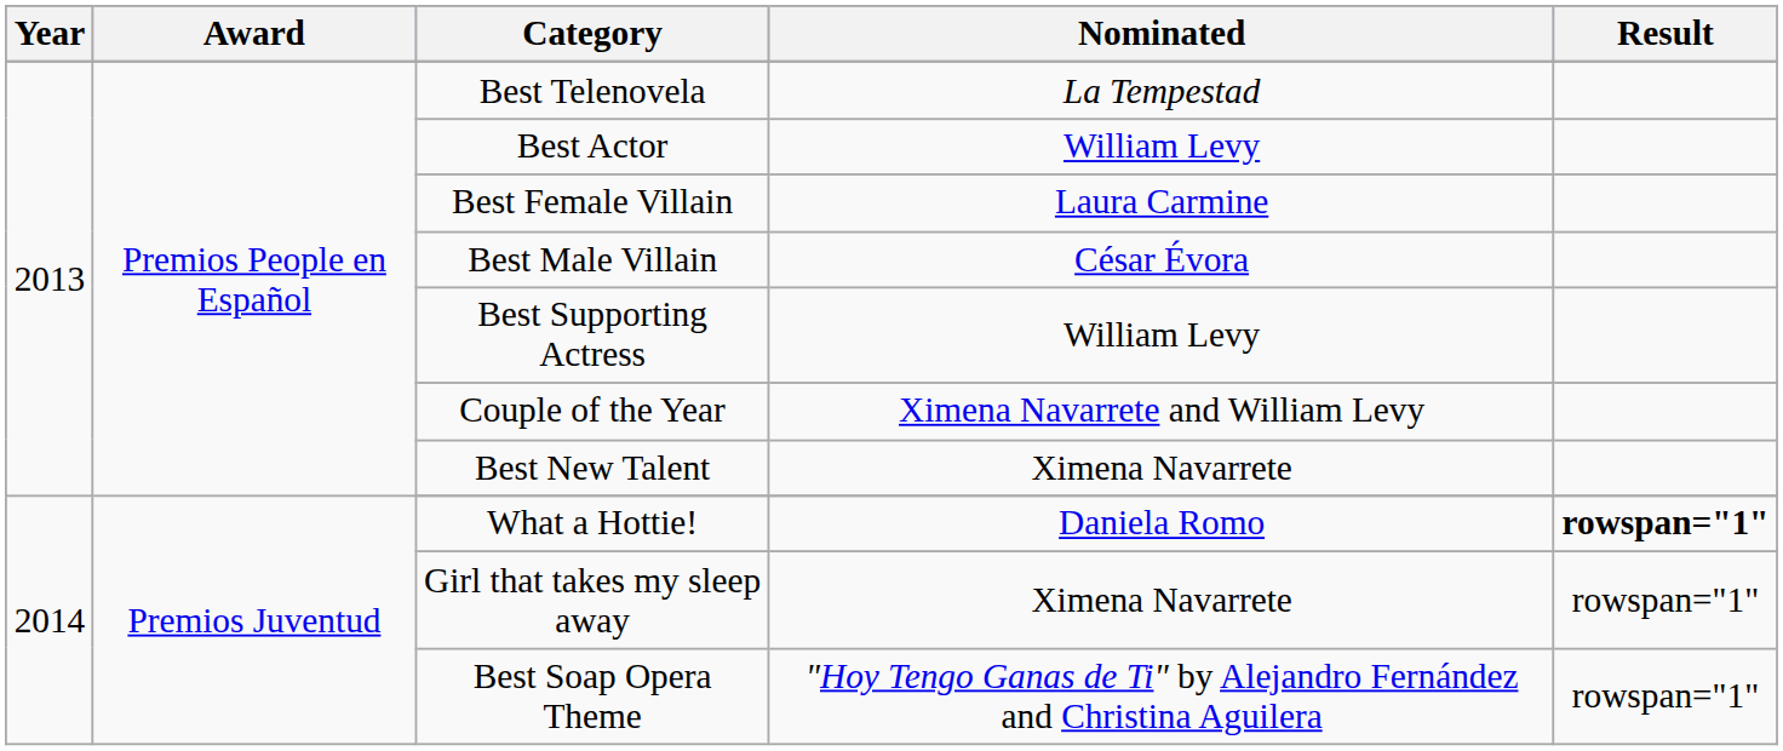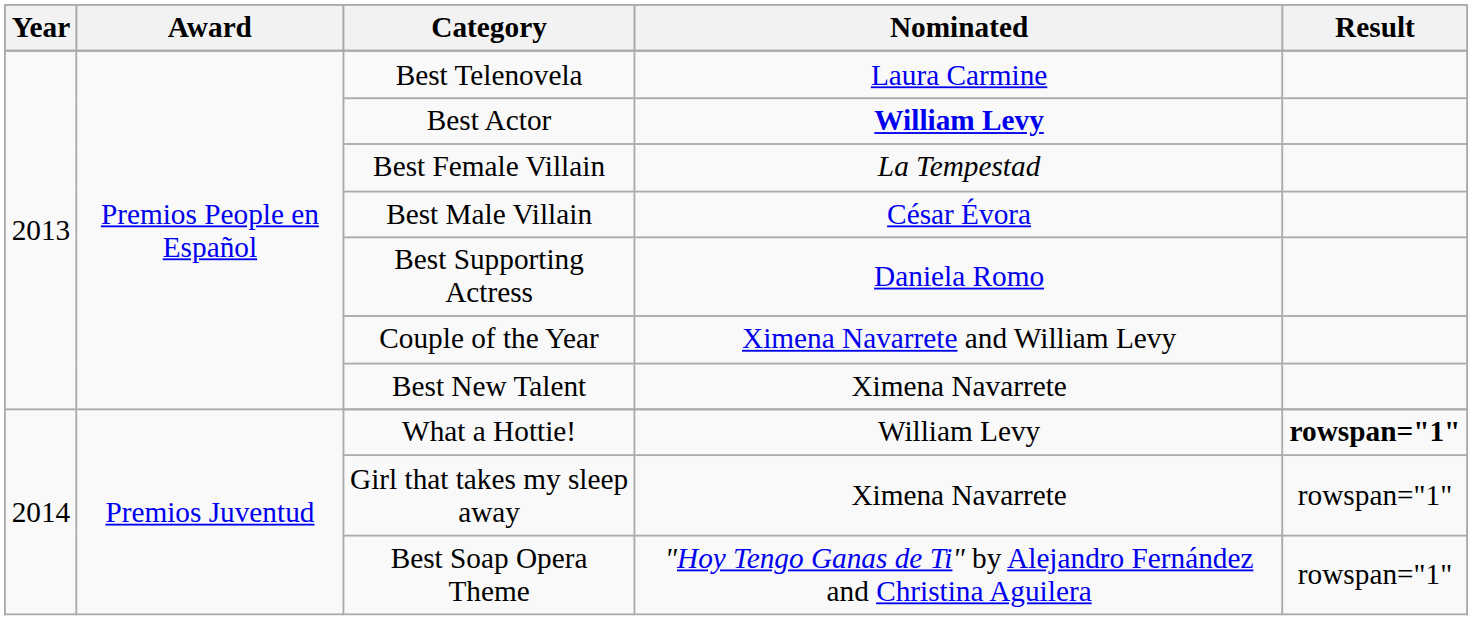 <table class="wikitable" width=800px>
 <tr style="background:#96c; text-align:center;">
 <th>Year</th>
 <th>Award</th>
 <th>Category</th>
 <th>Nominated</th>
 <th>Result</th>
 </tr>
 <tr>
 </tr>
 <tr style="text-align: center;">
 <td style="text-align: center; top" rowspan="08">2013</td>
 <td style="text-align: center; top" rowspan="08"><a href='#'>Premios People en Español</a></td>
 </tr>
 <tr style="text-align: center; top">
 <td>Best Telenovela</td>
-<td><em>La Tempestad</em></td>
+<td><a href='#'>Laura Carmine</a></td>
 <td></td>
 </tr>
 <tr style="text-align: center; top">
 <td>Best Actor</td>
-<td><a href='#'>William Levy</a></td>
+<td><strong><a href='#'>William Levy</a></strong></td>
 <td></td>
 </tr>
 <tr style="text-align: center; top">
 <td>Best Female Villain</td>
-<td><a href='#'>Laura Carmine</a></td>
+<td><em>La Tempestad</em></td>
 <td></td>
 </tr>
 <tr style="text-align: center; top">
 <td>Best Male Villain</td>
 <td><a href='#'>César Évora</a></td>
 <td></td>
 </tr>
 <tr style="text-align: center; top">
 <td>Best Supporting Actress</td>
-<td rowspan="1">William Levy</td>
+<td><a href='#'>Daniela Romo</a></td>
 <td></td>
 </tr>
 <tr style="text-align: center; top">
 <td>Couple of the Year</td>
 <td><a href='#'>Ximena Navarrete</a> and William Levy</td>
 <td></td>
 </tr>
 <tr style="text-align: center; top">
 <td>Best New Talent</td>
 <td>Ximena Navarrete</td>
 <td></td>
 </tr>
 <tr style="text-align: center;">
 <td style="text-align: center; top" rowspan="16">2014</td>
 <td style="text-align: center; top" rowspan="16"><a href='#'>Premios Juventud</a></td>
 </tr>
 <tr style="text-align: center; top">
 <td>What a Hottie!</td>
-<td><a href='#'>Daniela Romo</a></td>
+<td rowspan="1">William Levy</td>
 <td><strong>rowspan="1"  </strong></td>
 </tr>
 <tr style="text-align: center; top">
 <td>Girl that takes my sleep away</td>
 <td>Ximena Navarrete</td>
 <td>rowspan="1" </td>
 </tr>
 <tr style="text-align: center; top">
 <td>Best Soap Opera Theme</td>
 <td><em>"<a href='#'>Hoy Tengo Ganas de Ti</a>"</em> by <a href='#'>Alejandro Fernández</a> and <a href='#'>Christina Aguilera</a></td>
 <td>rowspan="1" </td>
 </tr>
 </table>
